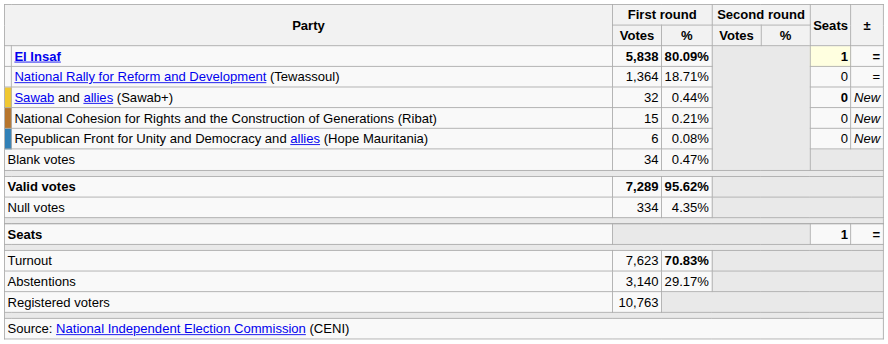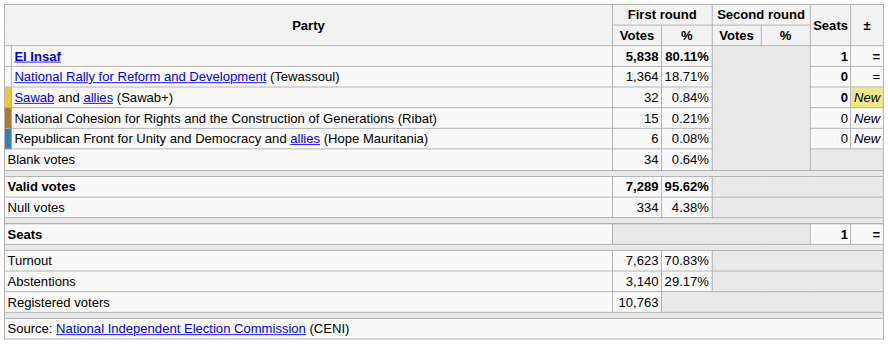 <table class="wikitable" style="text-align:right;font-size:95%;">
 <tr>
 <th rowspan="2" colspan="2" width="700">Party</th>
 <th colspan="2">First round</th>
 <th colspan="2">Second round</th>
 <th rowspan="2" width="25">Seats</th>
 <th rowspan="2" width="20">±</th>
 </tr>
 <tr>
 <th width="50">Votes</th>
 <th width="50">%</th>
 <th width="50">Votes</th>
 <th width="50">%</th>
 </tr>
 <tr>
 <td width="1" style="color:inherit;background:"></td>
 <td style="text-align:left;"><strong><a href='#'>El Insaf</a></strong></td>
 <td><strong>5,838</strong></td>
-<td><strong>80.09%</strong></td>
+<td><strong>80.11%</strong></td>
 <td colspan="2" rowspan="6" style="background:#E9E9E9;"></td>
-<td style="background: lightyellow;"><strong>1</strong></td>
+<td><strong>1</strong></td>
 <td><strong>=</strong></td>
 </tr>
 <tr>
 <td width="1" style="color:inherit;background:"></td>
 <td style="text-align:left;"><a href='#'>National Rally for Reform and Development</a> (Tewassoul)</td>
 <td>1,364</td>
 <td>18.71%</td>
-<td>0</td>
+<td><strong>0</strong></td>
 <td>=</td>
 </tr>
 <tr>
 <td width="1" style="color:inherit;background:#F0C832;"></td>
 <td style="text-align:left;"><a href='#'>Sawab</a> and <a href='#'>allies</a> (Sawab+)</td>
 <td>32</td>
-<td>0.44%</td>
+<td>0.84%</td>
 <td><strong>0</strong></td>
-<td><em>New</em></td>
+<td style="background: khaki;"><em>New</em></td>
 </tr>
 <tr>
 <td width="1" style="color:inherit;background:#B7752C;"></td>
 <td style="text-align:left;">National Cohesion for Rights and the Construction of Generations (Ribat)</td>
 <td>15</td>
 <td>0.21%</td>
 <td>0</td>
 <td><em>New</em></td>
 </tr>
 <tr>
 <td width="1" style="color:inherit;background:#3080B7;"></td>
 <td style="text-align:left;">Republican Front for Unity and Democracy and <a href='#'>allies</a> (Hope Mauritania)</td>
 <td>6</td>
 <td>0.08%</td>
 <td>0</td>
 <td><em>New</em></td>
 </tr>
 <tr>
 <td colspan="2" style="text-align:left;">Blank votes</td>
 <td>34</td>
-<td>0.47%</td>
+<td>0.64%</td>
 <td colspan="4" style="background:#E9E9E9;"></td>
 </tr>
 <tr>
 <td colspan="8" style="background:#E9E9E9;"></td>
 </tr>
 <tr style="font-weight:bold;">
 <td colspan="2" style="text-align:left;">Valid votes</td>
 <td>7,289</td>
 <td>95.62%</td>
 <td colspan="4" style="background:#E9E9E9;"></td>
 </tr>
 <tr>
 <td colspan="2" style="text-align:left;">Null votes</td>
 <td>334</td>
-<td>4.35%</td>
+<td>4.38%</td>
 <td colspan="4" style="background:#E9E9E9;"></td>
 </tr>
 <tr>
 <td colspan="8" style="background:#E9E9E9;"></td>
 </tr>
 <tr>
 </tr>
 <tr style="font-weight:bold;">
 <td colspan="2" style="text-align:left;">Seats</td>
 <td colspan="4" style="background:#E9E9E9;"></td>
 <td>1</td>
 <td>=</td>
 </tr>
 <tr>
 <td colspan="8" style="background:#E9E9E9;"></td>
 </tr>
 <tr>
 <td colspan="2" style="text-align:left;">Turnout</td>
 <td>7,623</td>
-<td><strong>70.83%</strong></td>
+<td>70.83%</td>
 <td colspan="4" style="background:#E9E9E9;"></td>
 </tr>
 <tr>
 <td colspan="2" style="text-align:left;">Abstentions</td>
 <td>3,140</td>
 <td>29.17%</td>
 <td colspan="4" style="background:#E9E9E9;"></td>
 </tr>
 <tr>
 <td colspan="2" style="text-align:left;">Registered voters</td>
 <td>10,763</td>
 <td colspan="5" style="background:#E9E9E9;"></td>
 </tr>
 <tr>
 <td colspan="8" style="background:#E9E9E9;"></td>
 </tr>
 <tr>
 <td colspan="8" style="text-align:left;">Source: <a href='#'>National Independent Election Commission</a> (CENI)</td>
 </tr>
 </table>
